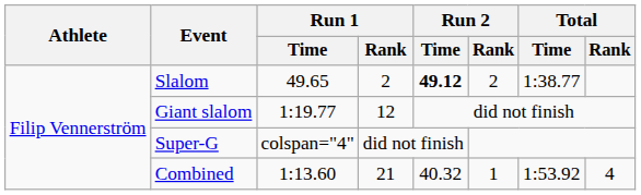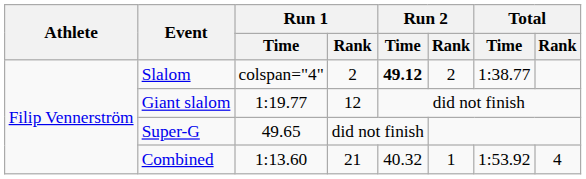 <table class="wikitable" style="font-size:90%">
 <tr>
 <th rowspan=2>Athlete</th>
 <th rowspan=2>Event</th>
 <th colspan=2>Run 1</th>
 <th colspan=2>Run 2</th>
 <th colspan=2>Total</th>
 </tr>
 <tr style="font-size:95%">
 <th>Time</th>
 <th>Rank</th>
 <th>Time</th>
 <th>Rank</th>
 <th>Time</th>
 <th>Rank</th>
 </tr>
 <tr align=center>
 <td align="left" rowspan="4"><a href='#'>Filip Vennerström</a></td>
 <td align="left"><a href='#'>Slalom</a></td>
-<td>49.65</td>
+<td>colspan="4" </td>
 <td>2</td>
 <td><strong>49.12</strong></td>
 <td>2</td>
 <td>1:38.77</td>
 <td></td>
 </tr>
 <tr align=center>
 <td align="left"><a href='#'>Giant slalom</a></td>
 <td>1:19.77</td>
 <td>12</td>
 <td colspan=4>did not finish</td>
 </tr>
 <tr align=center>
 <td align="left"><a href='#'>Super-G</a></td>
-<td>colspan="4" </td>
+<td>49.65</td>
 <td colspan="2">did not finish</td>
 </tr>
 <tr align=center>
 <td align="left"><a href='#'>Combined</a></td>
 <td>1:13.60</td>
 <td>21</td>
 <td>40.32</td>
 <td>1</td>
 <td>1:53.92</td>
 <td>4</td>
 </tr>
 </table>
